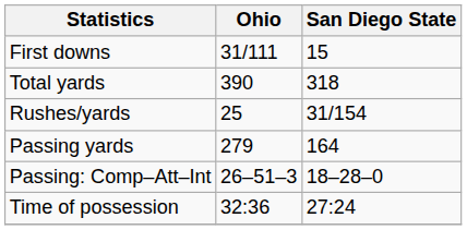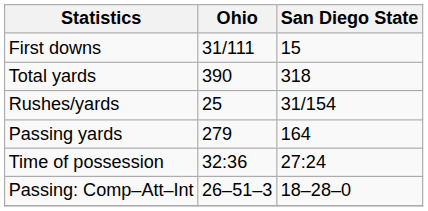 <table class="wikitable" style="float: left;">
 <tr>
 <th>Statistics</th>
 <th>Ohio</th>
 <th>San Diego State</th>
 </tr>
 <tr>
 <td>First downs</td>
 <td>31/111</td>
 <td>15</td>
 </tr>
 <tr>
 <td>Total yards</td>
 <td>390</td>
 <td>318</td>
 </tr>
 <tr>
 <td>Rushes/yards</td>
 <td>25</td>
 <td>31/154</td>
 </tr>
 <tr>
 <td>Passing yards</td>
 <td>279</td>
 <td>164</td>
 </tr>
 <tr>
+<td>Time of possession</td>
+<td>32:36</td>
+<td>27:24</td>
+</tr>
+<tr>
 <td>Passing: Comp–Att–Int</td>
 <td>26–51–3</td>
 <td>18–28–0</td>
 </tr>
 <tr>
-<td>Time of possession</td>
-<td>32:36</td>
-<td>27:24</td>
-</tr>
-<tr>
 </tr>
 </table>
